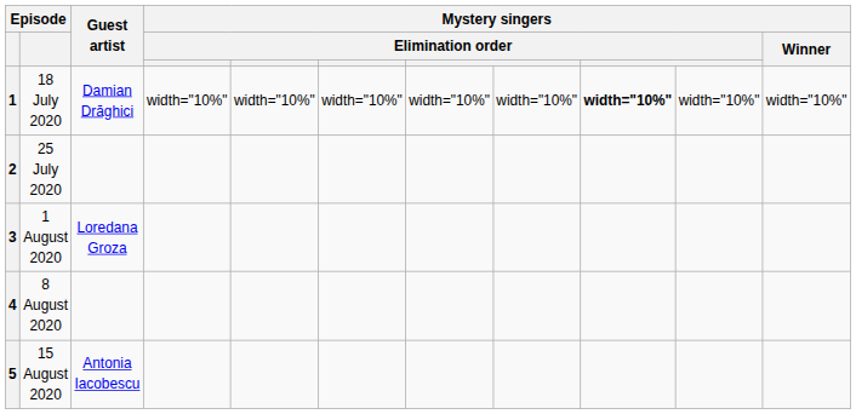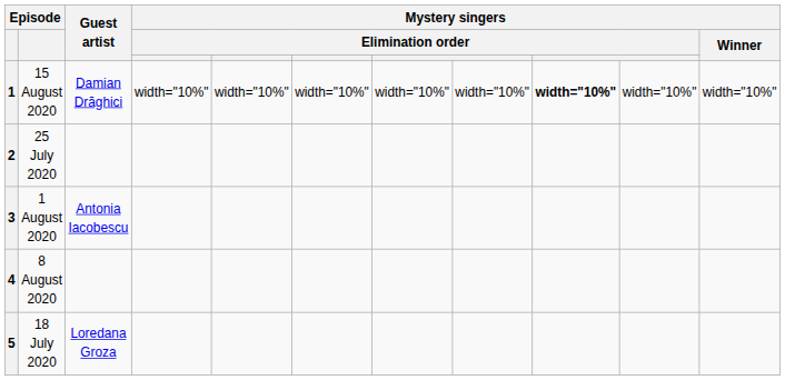 <table class="wikitable plainrowheaders mw-collapsible" style="text-align:center; line-height:23px; width:100%;">
 <tr>
 <th colspan="2" width="1%">Episode</th>
 <th rowspan="3" width="10%">Guest artist</th>
 <th colspan="8">Mystery singers<br></th>
 </tr>
 <tr>
 <th rowspan="2"></th>
 <th rowspan="2"></th>
 <th colspan="7">Elimination order</th>
 <th rowspan="2">Winner</th>
 </tr>
 <tr>
 <th></th>
 <th></th>
 <th></th>
 <th colspan="2"></th>
 <th colspan="2"></th>
 </tr>
 <tr>
 <th>1</th>
-<td>18 July 2020</td>
+<td>15 August 2020</td>
 <td><a href='#'>Damian Drăghici</a></td>
 <td>width="10%" </td>
 <td>width="10%" </td>
 <td>width="10%" </td>
 <td>width="10%" </td>
 <td>width="10%" </td>
 <td><strong>width="10%" </strong></td>
 <td>width="10%" </td>
 <td>width="10%" </td>
 </tr>
 <tr>
 <th>2</th>
 <td>25 July 2020</td>
 <td></td>
 <td></td>
 <td></td>
 <td></td>
 <td></td>
 <td></td>
 <td></td>
 <td></td>
 <td></td>
 </tr>
 <tr>
 <th>3</th>
 <td>1 August 2020</td>
-<td><a href='#'>Loredana Groza</a></td>
+<td><a href='#'>Antonia Iacobescu</a></td>
 <td></td>
 <td></td>
 <td></td>
 <td></td>
 <td></td>
 <td></td>
 <td></td>
 <td></td>
 </tr>
 <tr>
 <th>4</th>
 <td>8 August 2020</td>
 <td></td>
 <td></td>
 <td></td>
 <td></td>
 <td></td>
 <td></td>
 <td></td>
 <td></td>
 <td></td>
 </tr>
 <tr>
 <th>5</th>
-<td>15 August 2020</td>
-<td><a href='#'>Antonia Iacobescu</a></td>
+<td>18 July 2020</td>
+<td><a href='#'>Loredana Groza</a></td>
 <td></td>
 <td></td>
 <td></td>
 <td></td>
 <td></td>
 <td></td>
 <td></td>
 <td></td>
 </tr>
 </table>
